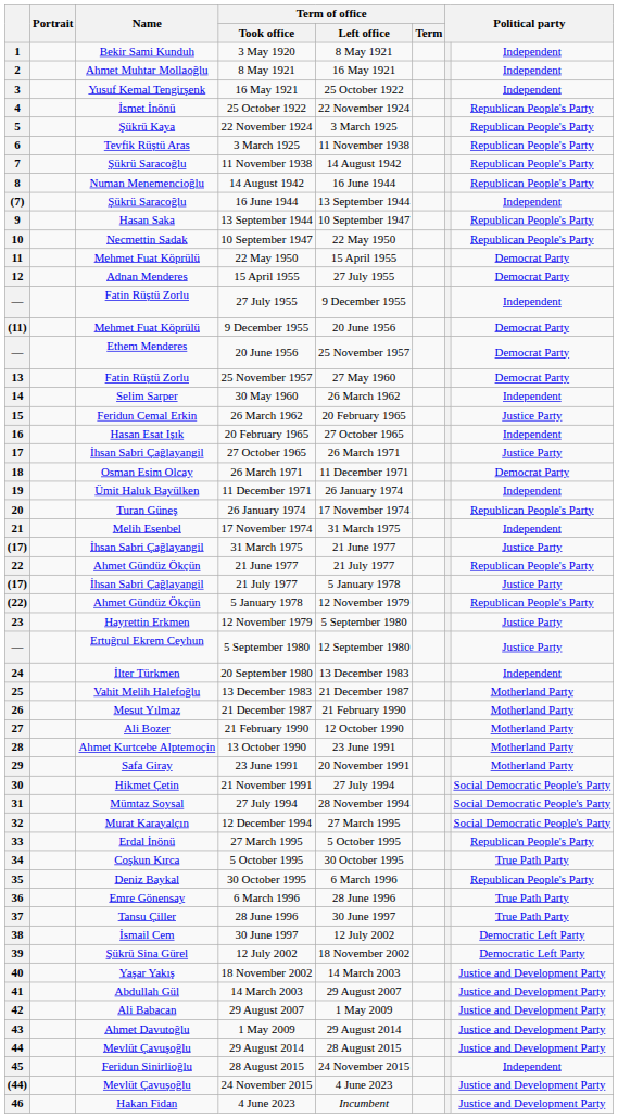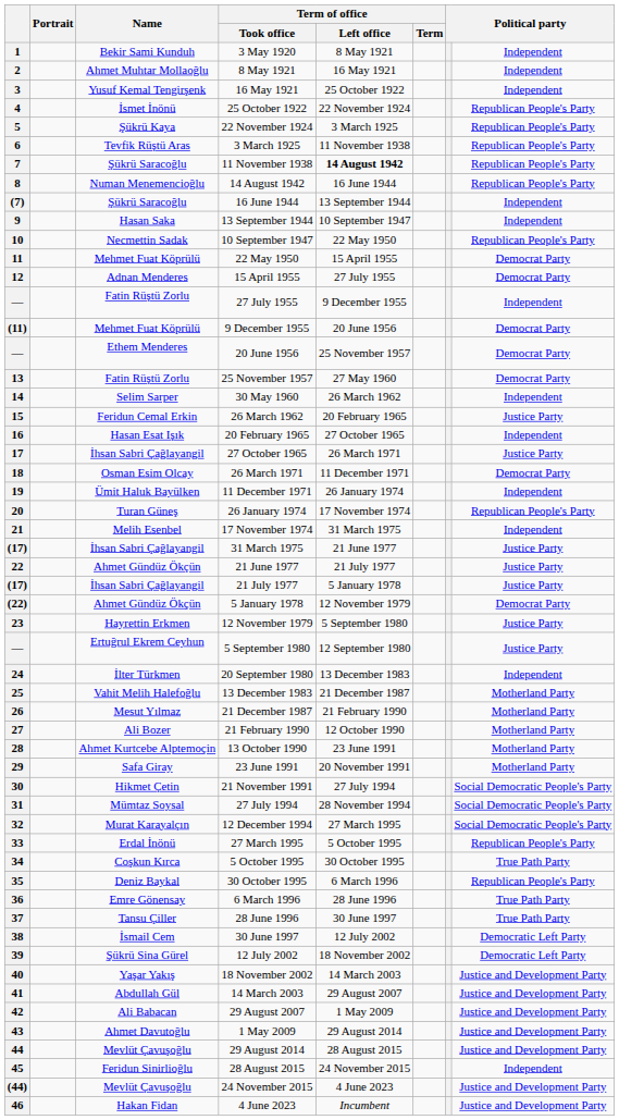 <table class="wikitable" style="text-align:center">
 <tr>
 <th rowspan=2></th>
 <th rowspan=2>Portrait</th>
 <th rowspan=2>Name</th>
 <th rowspan=1 colspan=3>Term of office</th>
 <th rowspan=2 colspan=2>Political party</th>
 </tr>
 <tr>
 <th rowspan=1>Took office</th>
 <th rowspan=1>Left office</th>
 <th rowspan=1>Term</th>
 </tr>
 <tr>
 <th>1</th>
 <td></td>
 <td><a href='#'>Bekir Sami Kunduh</a><br></td>
 <td>3 May 1920</td>
 <td>8 May 1921</td>
 <td></td>
 <th style="background:"></th>
 <td><a href='#'>Independent</a></td>
 </tr>
 <tr>
 <th>2</th>
 <td></td>
 <td><a href='#'>Ahmet Muhtar Mollaoğlu</a><br></td>
 <td>8 May 1921</td>
 <td>16 May 1921</td>
 <td></td>
 <th style="background:"></th>
 <td><a href='#'>Independent</a></td>
 </tr>
 <tr>
 <th>3</th>
 <td></td>
 <td><a href='#'>Yusuf Kemal Tengirşenk</a><br></td>
 <td>16 May 1921</td>
 <td>25 October 1922</td>
 <td></td>
 <th style="background:"></th>
 <td><a href='#'>Independent</a></td>
 </tr>
 <tr>
 <th>4</th>
 <td></td>
 <td><a href='#'>İsmet İnönü</a><br></td>
 <td>25 October 1922</td>
 <td>22 November 1924</td>
 <td></td>
 <th style="background:"></th>
 <td><a href='#'>Republican People's Party</a></td>
 </tr>
 <tr>
 <th>5</th>
 <td></td>
 <td><a href='#'>Şükrü Kaya</a><br></td>
 <td>22 November 1924</td>
 <td>3 March 1925</td>
 <td></td>
 <th style="background:"></th>
 <td><a href='#'>Republican People's Party</a></td>
 </tr>
 <tr>
 <th>6</th>
 <td></td>
 <td><a href='#'>Tevfik Rüştü Aras</a><br></td>
 <td>3 March 1925</td>
 <td>11 November 1938</td>
 <td></td>
 <th style="background:"></th>
 <td><a href='#'>Republican People's Party</a></td>
 </tr>
 <tr>
 <th>7</th>
 <td></td>
 <td><a href='#'>Şükrü Saracoğlu</a><br></td>
 <td>11 November 1938</td>
-<td>14 August 1942</td>
+<td><strong>14 August 1942</strong></td>
 <td></td>
 <th style="background:"></th>
 <td><a href='#'>Republican People's Party</a></td>
 </tr>
 <tr>
 <th>8</th>
 <td></td>
 <td><a href='#'>Numan Menemencioğlu</a><br></td>
 <td>14 August 1942</td>
 <td>16 June 1944</td>
 <td></td>
 <th style="background:"></th>
 <td><a href='#'>Republican People's Party</a></td>
 </tr>
 <tr>
 <th>(7)</th>
 <td></td>
 <td><a href='#'>Şükrü Saracoğlu</a><br></td>
 <td>16 June 1944</td>
 <td>13 September 1944</td>
 <td></td>
 <th style="background:"></th>
 <td><a href='#'>Independent</a></td>
 </tr>
 <tr>
 <th>9</th>
 <td></td>
 <td><a href='#'>Hasan Saka</a><br></td>
 <td>13 September 1944</td>
 <td>10 September 1947</td>
 <td></td>
 <th style="background:"></th>
-<td><a href='#'>Republican People's Party</a></td>
+<td><a href='#'>Independent</a></td>
 </tr>
 <tr>
 <th>10</th>
 <td></td>
 <td><a href='#'>Necmettin Sadak</a><br></td>
 <td>10 September 1947</td>
 <td>22 May 1950</td>
 <td></td>
 <th style="background:"></th>
 <td><a href='#'>Republican People's Party</a></td>
 </tr>
 <tr>
 <th>11</th>
 <td></td>
 <td><a href='#'>Mehmet Fuat Köprülü</a><br></td>
 <td>22 May 1950</td>
 <td>15 April 1955</td>
 <td></td>
 <th style="background:"></th>
 <td><a href='#'>Democrat Party</a></td>
 </tr>
 <tr>
 <th>12</th>
 <td></td>
 <td><a href='#'>Adnan Menderes</a><br></td>
 <td>15 April 1955</td>
 <td>27 July 1955</td>
 <td></td>
 <th style="background:"></th>
 <td><a href='#'>Democrat Party</a></td>
 </tr>
 <tr>
 <th>—</th>
 <td></td>
 <td><a href='#'>Fatin Rüştü Zorlu</a><br><br></td>
 <td>27 July 1955</td>
 <td>9 December 1955</td>
 <td></td>
 <th style="background:"></th>
 <td><a href='#'>Independent</a></td>
 </tr>
 <tr>
 <th>(11)</th>
 <td></td>
 <td><a href='#'>Mehmet Fuat Köprülü</a><br></td>
 <td>9 December 1955</td>
 <td>20 June 1956</td>
 <td></td>
 <th style="background:"></th>
 <td><a href='#'>Democrat Party</a></td>
 </tr>
 <tr>
 <th>—</th>
 <td></td>
 <td><a href='#'>Ethem Menderes</a><br><br></td>
 <td>20 June 1956</td>
 <td>25 November 1957</td>
 <td></td>
 <th style="background:"></th>
 <td><a href='#'>Democrat Party</a></td>
 </tr>
 <tr>
 <th>13</th>
 <td></td>
 <td><a href='#'>Fatin Rüştü Zorlu</a><br></td>
 <td>25 November 1957</td>
 <td>27 May 1960</td>
 <td></td>
 <th style="background:"></th>
 <td><a href='#'>Democrat Party</a></td>
 </tr>
 <tr>
 <th>14</th>
 <td></td>
 <td><a href='#'>Selim Sarper</a><br></td>
 <td>30 May 1960</td>
 <td>26 March 1962</td>
 <td></td>
 <th style="background:"></th>
 <td><a href='#'>Independent</a></td>
 </tr>
 <tr>
 <th>15</th>
 <td></td>
 <td><a href='#'>Feridun Cemal Erkin</a><br></td>
 <td>26 March 1962</td>
 <td>20 February 1965</td>
 <td></td>
 <th style="background:"></th>
 <td><a href='#'>Justice Party</a></td>
 </tr>
 <tr>
 <th>16</th>
 <td></td>
 <td><a href='#'>Hasan Esat Işık</a><br></td>
 <td>20 February 1965</td>
 <td>27 October 1965</td>
 <td></td>
 <th style="background:"></th>
 <td><a href='#'>Independent</a></td>
 </tr>
 <tr>
 <th>17</th>
 <td></td>
 <td><a href='#'>İhsan Sabri Çağlayangil</a><br></td>
 <td>27 October 1965</td>
 <td>26 March 1971</td>
 <td></td>
 <th style="background:"></th>
 <td><a href='#'>Justice Party</a></td>
 </tr>
 <tr>
 <th>18</th>
 <td></td>
 <td><a href='#'>Osman Esim Olcay</a><br></td>
 <td>26 March 1971</td>
 <td>11 December 1971</td>
 <td></td>
 <th style="background:"></th>
 <td><a href='#'>Democrat Party</a></td>
 </tr>
 <tr>
 <th>19</th>
 <td></td>
 <td><a href='#'>Ümit Haluk Bayülken</a><br></td>
 <td>11 December 1971</td>
 <td>26 January 1974</td>
 <td></td>
 <th style="background:"></th>
 <td><a href='#'>Independent</a></td>
 </tr>
 <tr>
 <th>20</th>
 <td></td>
 <td><a href='#'>Turan Güneş</a><br></td>
 <td>26 January 1974</td>
 <td>17 November 1974</td>
 <td></td>
 <th style="background:"></th>
 <td><a href='#'>Republican People's Party</a></td>
 </tr>
 <tr>
 <th>21</th>
 <td></td>
 <td><a href='#'>Melih Esenbel</a><br></td>
 <td>17 November 1974</td>
 <td>31 March 1975</td>
 <td></td>
 <th style="background:"></th>
 <td><a href='#'>Independent</a></td>
 </tr>
 <tr>
 <th>(17)</th>
 <td></td>
 <td><a href='#'>İhsan Sabri Çağlayangil</a><br></td>
 <td>31 March 1975</td>
 <td>21 June 1977</td>
 <td></td>
 <th style="background:"></th>
 <td><a href='#'>Justice Party</a></td>
 </tr>
 <tr>
 <th>22</th>
 <td></td>
 <td><a href='#'>Ahmet Gündüz Ökçün</a><br></td>
 <td>21 June 1977</td>
 <td>21 July 1977</td>
 <td></td>
 <th style="background:"></th>
-<td><a href='#'>Republican People's Party</a></td>
+<td><a href='#'>Justice Party</a></td>
 </tr>
 <tr>
 <th>(17)</th>
 <td></td>
 <td><a href='#'>İhsan Sabri Çağlayangil</a><br></td>
 <td>21 July 1977</td>
 <td>5 January 1978</td>
 <td></td>
 <th style="background:"></th>
 <td><a href='#'>Justice Party</a></td>
 </tr>
 <tr>
 <th>(22)</th>
 <td></td>
 <td><a href='#'>Ahmet Gündüz Ökçün</a><br></td>
 <td>5 January 1978</td>
 <td>12 November 1979</td>
 <td></td>
 <th style="background:"></th>
-<td><a href='#'>Republican People's Party</a></td>
+<td><a href='#'>Democrat Party</a></td>
 </tr>
 <tr>
 <th>23</th>
 <td></td>
 <td><a href='#'>Hayrettin Erkmen</a><br></td>
 <td>12 November 1979</td>
 <td>5 September 1980</td>
 <td></td>
 <th style="background:"></th>
 <td><a href='#'>Justice Party</a></td>
 </tr>
 <tr>
 <th>—</th>
 <td></td>
 <td><a href='#'>Ertuğrul Ekrem Ceyhun</a><br><br></td>
 <td>5 September 1980</td>
 <td>12 September 1980</td>
 <td></td>
 <th style="background:"></th>
 <td><a href='#'>Justice Party</a></td>
 </tr>
 <tr>
 <th>24</th>
 <td></td>
 <td><a href='#'>İlter Türkmen</a><br></td>
 <td>20 September 1980</td>
 <td>13 December 1983</td>
 <td></td>
 <th style="background:"></th>
 <td><a href='#'>Independent</a></td>
 </tr>
 <tr>
 <th>25</th>
 <td></td>
 <td><a href='#'>Vahit Melih Halefoğlu</a><br></td>
 <td>13 December 1983</td>
 <td>21 December 1987</td>
 <td></td>
 <th style="background:"></th>
 <td><a href='#'>Motherland Party</a></td>
 </tr>
 <tr>
 <th>26</th>
 <td></td>
 <td><a href='#'>Mesut Yılmaz</a><br></td>
 <td>21 December 1987</td>
 <td>21 February 1990</td>
 <td></td>
 <th style="background:"></th>
 <td><a href='#'>Motherland Party</a></td>
 </tr>
 <tr>
 <th>27</th>
 <td></td>
 <td><a href='#'>Ali Bozer</a><br></td>
 <td>21 February 1990</td>
 <td>12 October 1990</td>
 <td></td>
 <th style="background:"></th>
 <td><a href='#'>Motherland Party</a></td>
 </tr>
 <tr>
 <th>28</th>
 <td></td>
 <td><a href='#'>Ahmet Kurtcebe Alptemoçin</a><br></td>
 <td>13 October 1990</td>
 <td>23 June 1991</td>
 <td></td>
 <th style="background:"></th>
 <td><a href='#'>Motherland Party</a></td>
 </tr>
 <tr>
 <th>29</th>
 <td></td>
 <td><a href='#'>Safa Giray</a><br></td>
 <td>23 June 1991</td>
 <td>20 November 1991</td>
 <td></td>
 <th style="background:"></th>
 <td><a href='#'>Motherland Party</a></td>
 </tr>
 <tr>
 <th>30</th>
 <td></td>
 <td><a href='#'>Hikmet Çetin</a><br></td>
 <td>21 November 1991</td>
 <td>27 July 1994</td>
 <td></td>
 <th style="background:"></th>
 <td><a href='#'>Social Democratic People's Party</a></td>
 </tr>
 <tr>
 <th>31</th>
 <td></td>
 <td><a href='#'>Mümtaz Soysal</a><br></td>
 <td>27 July 1994</td>
 <td>28 November 1994</td>
 <td></td>
 <th style="background:"></th>
 <td><a href='#'>Social Democratic People's Party</a></td>
 </tr>
 <tr>
 <th>32</th>
 <td></td>
 <td><a href='#'>Murat Karayalçın</a><br></td>
 <td>12 December 1994</td>
 <td>27 March 1995</td>
 <td></td>
 <th style="background:"></th>
 <td><a href='#'>Social Democratic People's Party</a></td>
 </tr>
 <tr>
 <th>33</th>
 <td></td>
 <td><a href='#'>Erdal İnönü</a><br></td>
 <td>27 March 1995</td>
 <td>5 October 1995</td>
 <td></td>
 <th style="background:"></th>
 <td><a href='#'>Republican People's Party</a></td>
 </tr>
 <tr>
 <th>34</th>
 <td></td>
 <td><a href='#'>Coşkun Kırca</a><br></td>
 <td>5 October 1995</td>
 <td>30 October 1995</td>
 <td></td>
 <th style="background:"></th>
 <td><a href='#'>True Path Party</a></td>
 </tr>
 <tr>
 <th>35</th>
 <td></td>
 <td><a href='#'>Deniz Baykal</a><br></td>
 <td>30 October 1995</td>
 <td>6 March 1996</td>
 <td></td>
 <th style="background:"></th>
 <td><a href='#'>Republican People's Party</a></td>
 </tr>
 <tr>
 <th>36</th>
 <td></td>
 <td><a href='#'>Emre Gönensay</a><br></td>
 <td>6 March 1996</td>
 <td>28 June 1996</td>
 <td></td>
 <th style="background:"></th>
 <td><a href='#'>True Path Party</a></td>
 </tr>
 <tr>
 <th>37</th>
 <td></td>
 <td><a href='#'>Tansu Çiller</a><br></td>
 <td>28 June 1996</td>
 <td>30 June 1997</td>
 <td></td>
 <th style="background:"></th>
 <td><a href='#'>True Path Party</a></td>
 </tr>
 <tr>
 <th>38</th>
 <td></td>
 <td><a href='#'>İsmail Cem</a><br></td>
 <td>30 June 1997</td>
 <td>12 July 2002</td>
 <td></td>
 <th style="background:"></th>
 <td><a href='#'>Democratic Left Party</a></td>
 </tr>
 <tr>
 <th>39</th>
 <td></td>
 <td><a href='#'>Şükrü Sina Gürel</a><br></td>
 <td>12 July 2002</td>
 <td>18 November 2002</td>
 <td></td>
 <th style="background:"></th>
 <td><a href='#'>Democratic Left Party</a></td>
 </tr>
 <tr>
 <th>40</th>
 <td></td>
 <td><a href='#'>Yaşar Yakış</a><br></td>
 <td>18 November 2002</td>
 <td>14 March 2003</td>
 <td></td>
 <th style="background:"></th>
 <td><a href='#'>Justice and Development Party</a></td>
 </tr>
 <tr>
 <th>41</th>
 <td></td>
 <td><a href='#'>Abdullah Gül</a><br></td>
 <td>14 March 2003</td>
 <td>29 August 2007</td>
 <td></td>
 <th style="background:"></th>
 <td><a href='#'>Justice and Development Party</a></td>
 </tr>
 <tr>
 <th>42</th>
 <td></td>
 <td><a href='#'>Ali Babacan</a><br></td>
 <td>29 August 2007</td>
 <td>1 May 2009</td>
 <td></td>
 <th style="background:"></th>
 <td><a href='#'>Justice and Development Party</a></td>
 </tr>
 <tr>
 <th>43</th>
 <td></td>
 <td><a href='#'>Ahmet Davutoğlu</a><br></td>
 <td>1 May 2009</td>
 <td>29 August 2014</td>
 <td></td>
 <th style="background:"></th>
 <td><a href='#'>Justice and Development Party</a></td>
 </tr>
 <tr>
 <th>44</th>
 <td></td>
 <td><a href='#'>Mevlüt Çavuşoğlu</a><br></td>
 <td>29 August 2014</td>
 <td>28 August 2015</td>
 <td></td>
 <th style="background:"></th>
 <td><a href='#'>Justice and Development Party</a></td>
 </tr>
 <tr>
 <th>45</th>
 <td></td>
 <td><a href='#'>Feridun Sinirlioğlu</a><br></td>
 <td>28 August 2015</td>
 <td>24 November 2015</td>
 <td></td>
 <th style="background:"></th>
 <td><a href='#'>Independent</a></td>
 </tr>
 <tr>
 <th>(44)</th>
 <td></td>
 <td><a href='#'>Mevlüt Çavuşoğlu</a><br></td>
 <td>24 November 2015</td>
 <td>4 June 2023</td>
 <td></td>
 <th style="background:"></th>
 <td><a href='#'>Justice and Development Party</a></td>
 </tr>
 <tr>
 <th>46</th>
 <td></td>
 <td><a href='#'>Hakan Fidan</a><br></td>
 <td>4 June 2023</td>
 <td><em>Incumbent</em></td>
 <td></td>
 <th style="background:"></th>
 <td><a href='#'>Justice and Development Party</a></td>
 </tr>
 </table>
